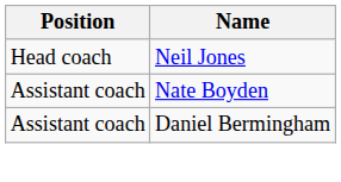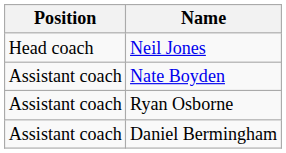 <table class="wikitable"; style= "text-align: ">
 <tr>
 <th width=px>Position</th>
 <th width=px>Name</th>
 </tr>
 <tr>
 <td>Head coach</td>
 <td><a href='#'>Neil Jones</a></td>
 </tr>
 <tr>
 <td>Assistant coach</td>
 <td><a href='#'>Nate Boyden</a></td>
 </tr>
 <tr>
 <td>Assistant coach</td>
+<td>Ryan Osborne</td>
+</tr>
+<tr>
+<td>Assistant coach</td>
 <td>Daniel Bermingham</td>
 </tr>
 </table>
